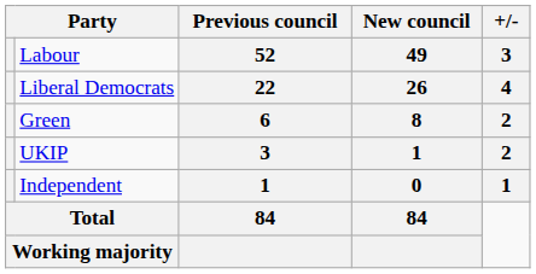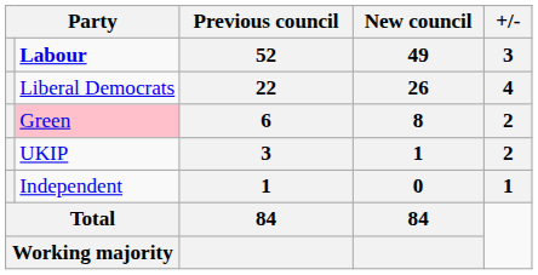 <table class="wikitable">
 <tr>
 <th valign=top colspan="2" style="width: 100px">Party</th>
 <th valign=top style="width: 126px">Previous council</th>
 <th valign=top style="width: 94px">New council</th>
 <th valign=top style="width: 30px">+/-</th>
 </tr>
 <tr>
 <th style="background-color: "></th>
-<td><a href='#'>Labour</a></td>
+<td><strong><a href='#'>Labour</a></strong></td>
 <th align=center>52</th>
 <th align=center>49</th>
 <th align=center>3</th>
 </tr>
 <tr>
 <th style="background-color: "></th>
 <td><a href='#'>Liberal Democrats</a></td>
 <th align=center>22</th>
 <th align=center>26</th>
 <th align=center>4</th>
 </tr>
 <tr>
 <th style="background-color: "></th>
-<td><a href='#'>Green</a></td>
+<td style="background: pink;"><a href='#'>Green</a></td>
 <th align=center>6</th>
 <th align=center>8</th>
 <th align=center>2</th>
 </tr>
 <tr>
 <th style="background-color: "></th>
 <td><a href='#'>UKIP</a></td>
 <th align=center>3</th>
 <th align=center>1</th>
 <th align=center>2</th>
 </tr>
 <tr>
 <th style="background-color: "></th>
 <td><a href='#'>Independent</a></td>
 <th align=center>1</th>
 <th align=center>0</th>
 <th align=center>1</th>
 </tr>
 <tr>
 <th colspan=2>Total</th>
 <th style="text-align: center">84</th>
 <th style="text-align: center">84</th>
 </tr>
 <tr>
 <th colspan=2>Working majority</th>
 <th></th>
 <th></th>
 </tr>
 </table>
